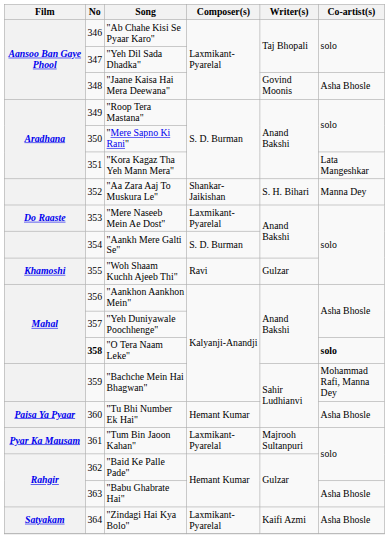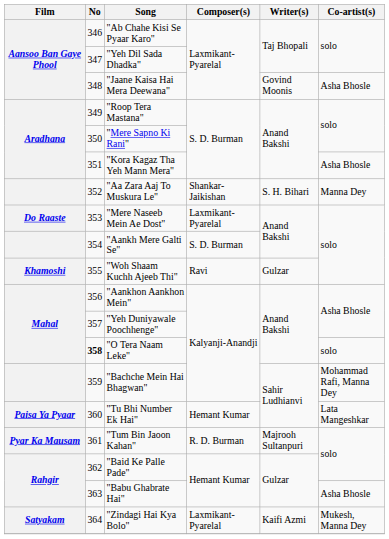 <table class="wikitable plainrowheaders" width="100%" textcolor:#000;">
 <tr style="background:#b0e0e66;">
 <th scope="col" width=23%><strong>Film</strong></th>
 <th><strong>No</strong></th>
 <th scope="col" width=23%><strong>Song</strong></th>
 <th scope="col" width=20%><strong>Composer(s)</strong></th>
 <th scope="col" width=16%><strong>Writer(s)</strong></th>
 <th scope="col" width=18%><strong>Co-artist(s)</strong></th>
 </tr>
 <tr>
 <th rowspan=3><em><a href='#'>Aansoo Ban Gaye Phool</a></em></th>
 <td>346</td>
 <td>"Ab Chahe Kisi Se Pyaar Karo"</td>
 <td rowspan=3>Laxmikant-Pyarelal</td>
 <td rowspan=2>Taj Bhopali</td>
 <td rowspan=2>solo</td>
 </tr>
 <tr>
 <td>347</td>
 <td>"Yeh Dil Sada Dhadka"</td>
 </tr>
 <tr>
 <td>348</td>
 <td>"Jaane Kaisa Hai Mera Deewana"</td>
 <td>Govind Moonis</td>
 <td>Asha Bhosle</td>
 </tr>
 <tr>
 <th rowspan=3><em><a href='#'>Aradhana</a></em></th>
 <td>349</td>
 <td>"Roop Tera Mastana"</td>
 <td rowspan=3>S. D. Burman</td>
 <td rowspan=3>Anand Bakshi</td>
 <td rowspan=2>solo</td>
 </tr>
 <tr>
 <td>350</td>
 <td>"<a href='#'>Mere Sapno Ki Rani</a>"</td>
 </tr>
 <tr>
 <td>351</td>
 <td>"Kora Kagaz Tha Yeh Mann Mera"</td>
-<td>Lata Mangeshkar</td>
+<td>Asha Bhosle</td>
 </tr>
 <tr>
 <th><em></em></th>
 <td>352</td>
 <td>"Aa Zara Aaj To Muskura Le"</td>
 <td>Shankar-Jaikishan</td>
 <td>S. H. Bihari</td>
 <td>Manna Dey</td>
 </tr>
 <tr>
 <th><em><a href='#'>Do Raaste</a></em></th>
 <td>353</td>
 <td>"Mere Naseeb Mein Ae Dost"</td>
 <td>Laxmikant-Pyarelal</td>
 <td rowspan=2>Anand Bakshi</td>
 <td rowspan=3>solo</td>
 </tr>
 <tr>
 <th><em></em></th>
 <td>354</td>
 <td>"Aankh Mere Galti Se"</td>
 <td>S. D. Burman</td>
 </tr>
 <tr>
 <th><em><a href='#'>Khamoshi</a></em></th>
 <td>355</td>
 <td>"Woh Shaam Kuchh Ajeeb Thi"</td>
 <td>Ravi</td>
 <td>Gulzar</td>
 </tr>
 <tr>
 <th rowspan=3><em><a href='#'>Mahal</a></em></th>
 <td>356</td>
 <td>"Aankhon Aankhon Mein"</td>
 <td rowspan=4>Kalyanji-Anandji</td>
 <td rowspan=3>Anand Bakshi</td>
 <td rowspan=2>Asha Bhosle</td>
 </tr>
 <tr>
 <td>357</td>
 <td>"Yeh Duniyawale Poochhenge"</td>
 </tr>
 <tr>
 <td><strong>358</strong></td>
 <td>"O Tera Naam Leke"</td>
-<td><strong>solo</strong></td>
+<td>solo</td>
 </tr>
 <tr>
 <th><em></em></th>
 <td>359</td>
 <td>"Bachche Mein Hai Bhagwan"</td>
 <td rowspan=2>Sahir Ludhianvi</td>
 <td>Mohammad Rafi, Manna Dey</td>
 </tr>
 <tr>
 <th><em><a href='#'>Paisa Ya Pyaar</a></em></th>
 <td>360</td>
 <td>"Tu Bhi Number Ek Hai"</td>
 <td>Hemant Kumar</td>
-<td>Asha Bhosle</td>
+<td>Lata Mangeshkar</td>
 </tr>
 <tr>
 <th><em><a href='#'>Pyar Ka Mausam</a></em></th>
 <td>361</td>
 <td>"Tum Bin Jaoon Kahan"</td>
-<td>Laxmikant-Pyarelal</td>
+<td>R. D. Burman</td>
 <td>Majrooh Sultanpuri</td>
 <td rowspan=2>solo</td>
 </tr>
 <tr>
 <th rowspan=2><em><a href='#'>Rahgir</a></em></th>
 <td>362</td>
 <td>"Baid Ke Palle Pade"</td>
 <td rowspan=2>Hemant Kumar</td>
 <td rowspan=2>Gulzar</td>
 </tr>
 <tr>
 <td>363</td>
 <td>"Babu Ghabrate Hai"</td>
 <td>Asha Bhosle</td>
 </tr>
 <tr>
 <th><em><a href='#'>Satyakam</a></em></th>
 <td>364</td>
 <td>"Zindagi Hai Kya Bolo"</td>
 <td>Laxmikant-Pyarelal</td>
 <td>Kaifi Azmi</td>
-<td>Asha Bhosle</td>
+<td>Mukesh, Manna Dey</td>
 </tr>
 <tr>
 </tr>
 </table>
